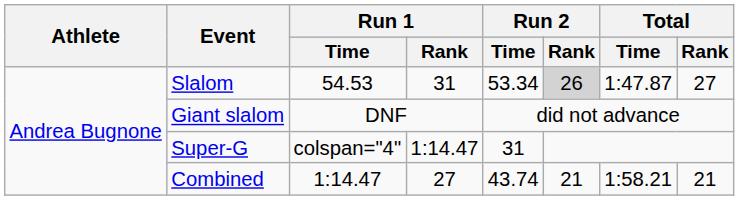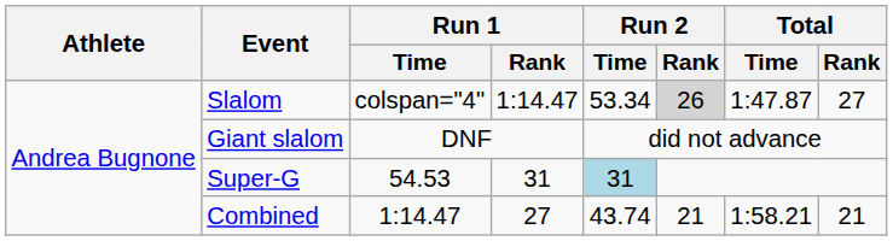 <table class="wikitable" style="font-size:90%">
 <tr>
 <th rowspan=2>Athlete</th>
 <th rowspan=2>Event</th>
 <th colspan=2>Run 1</th>
 <th colspan=2>Run 2</th>
 <th colspan=2>Total</th>
 </tr>
 <tr style="font-size:95%">
 <th>Time</th>
 <th>Rank</th>
 <th>Time</th>
 <th>Rank</th>
 <th>Time</th>
 <th>Rank</th>
 </tr>
 <tr align=center>
 <td align="left" rowspan="4"><a href='#'>Andrea Bugnone</a></td>
 <td align="left"><a href='#'>Slalom</a></td>
-<td>54.53</td>
-<td>31</td>
+<td>colspan="4" </td>
+<td>1:14.47</td>
 <td>53.34</td>
 <td style="background: lightgrey;">26</td>
 <td>1:47.87</td>
 <td>27</td>
 </tr>
 <tr align=center>
 <td align="left"><a href='#'>Giant slalom</a></td>
 <td colspan=2>DNF</td>
 <td colspan=4>did not advance</td>
 </tr>
 <tr align=center>
 <td align="left"><a href='#'>Super-G</a></td>
-<td>colspan="4" </td>
-<td>1:14.47</td>
+<td>54.53</td>
 <td>31</td>
+<td style="background: lightblue;">31</td>
 </tr>
 <tr align=center>
 <td align="left"><a href='#'>Combined</a></td>
 <td>1:14.47</td>
 <td>27</td>
 <td>43.74</td>
 <td>21</td>
 <td>1:58.21</td>
 <td>21</td>
 </tr>
 </table>
